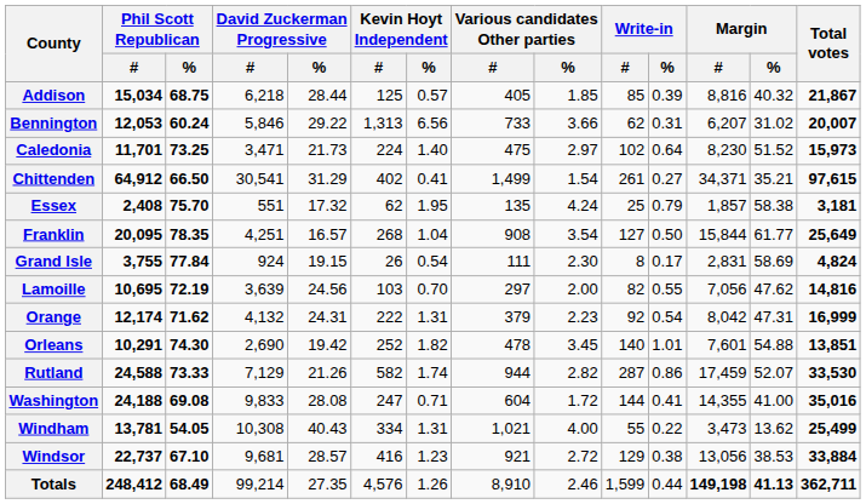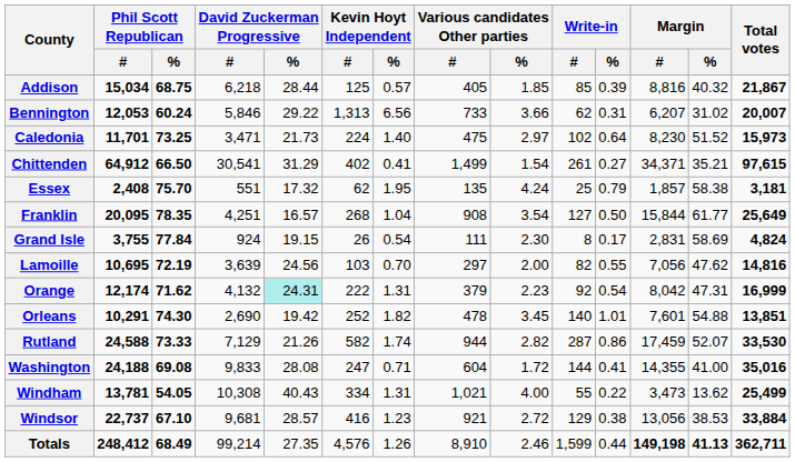 <table class="wikitable sortable" style="text-align:right;font-size:90%;line-height:1.3">
 <tr>
 <th rowspan="2">County</th>
 <th colspan="2"><a href='#'>Phil Scott</a><br><a href='#'>Republican</a></th>
 <th colspan="2"><a href='#'>David Zuckerman</a><br><a href='#'>Progressive</a></th>
 <th colspan="2">Kevin Hoyt<br><a href='#'>Independent</a></th>
 <th colspan="2">Various candidates<br>Other parties</th>
 <th colspan="2"><a href='#'>Write-in</a></th>
 <th colspan="2">Margin</th>
 <th rowspan="2">Total<br>votes</th>
 </tr>
 <tr>
 <th data-sort-type="number">#</th>
 <th data-sort-type="number">%</th>
 <th data-sort-type="number">#</th>
 <th data-sort-type="number">%</th>
 <th data-sort-type="number">#</th>
 <th data-sort-type="number">%</th>
 <th data-sort-type="number">#</th>
 <th data-sort-type="number">%</th>
 <th data-sort-type="number">#</th>
 <th data-sort-type="number">%</th>
 <th data-sort-type="number">#</th>
 <th data-sort-type="number">%</th>
 </tr>
 <tr>
 <th><a href='#'>Addison</a></th>
 <td><strong>15,034</strong></td>
 <td><strong>68.75</strong></td>
 <td>6,218</td>
 <td>28.44</td>
 <td>125</td>
 <td>0.57</td>
 <td>405</td>
 <td>1.85</td>
 <td>85</td>
 <td>0.39</td>
 <td>8,816</td>
 <td>40.32</td>
 <td><strong>21,867</strong></td>
 </tr>
 <tr>
 <th><a href='#'>Bennington</a></th>
 <td><strong>12,053</strong></td>
 <td><strong>60.24</strong></td>
 <td>5,846</td>
 <td>29.22</td>
 <td>1,313</td>
 <td>6.56</td>
 <td>733</td>
 <td>3.66</td>
 <td>62</td>
 <td>0.31</td>
 <td>6,207</td>
 <td>31.02</td>
 <td><strong>20,007</strong></td>
 </tr>
 <tr>
 <th><a href='#'>Caledonia</a></th>
 <td><strong>11,701</strong></td>
 <td><strong>73.25</strong></td>
 <td>3,471</td>
 <td>21.73</td>
 <td>224</td>
 <td>1.40</td>
 <td>475</td>
 <td>2.97</td>
 <td>102</td>
 <td>0.64</td>
 <td>8,230</td>
 <td>51.52</td>
 <td><strong>15,973</strong></td>
 </tr>
 <tr>
 <th><a href='#'>Chittenden</a></th>
 <td><strong>64,912</strong></td>
 <td><strong>66.50</strong></td>
 <td>30,541</td>
 <td>31.29</td>
 <td>402</td>
 <td>0.41</td>
 <td>1,499</td>
 <td>1.54</td>
 <td>261</td>
 <td>0.27</td>
 <td>34,371</td>
 <td>35.21</td>
 <td><strong>97,615</strong></td>
 </tr>
 <tr>
 <th><a href='#'>Essex</a></th>
 <td><strong>2,408</strong></td>
 <td><strong>75.70</strong></td>
 <td>551</td>
 <td>17.32</td>
 <td>62</td>
 <td>1.95</td>
 <td>135</td>
 <td>4.24</td>
 <td>25</td>
 <td>0.79</td>
 <td>1,857</td>
 <td>58.38</td>
 <td><strong>3,181</strong></td>
 </tr>
 <tr>
 <th><a href='#'>Franklin</a></th>
 <td><strong>20,095</strong></td>
 <td><strong>78.35</strong></td>
 <td>4,251</td>
 <td>16.57</td>
 <td>268</td>
 <td>1.04</td>
 <td>908</td>
 <td>3.54</td>
 <td>127</td>
 <td>0.50</td>
 <td>15,844</td>
 <td>61.77</td>
 <td><strong>25,649</strong></td>
 </tr>
 <tr>
 <th><a href='#'>Grand Isle</a></th>
 <td><strong>3,755</strong></td>
 <td><strong>77.84</strong></td>
 <td>924</td>
 <td>19.15</td>
 <td>26</td>
 <td>0.54</td>
 <td>111</td>
 <td>2.30</td>
 <td>8</td>
 <td>0.17</td>
 <td>2,831</td>
 <td>58.69</td>
 <td><strong>4,824</strong></td>
 </tr>
 <tr>
 <th><a href='#'>Lamoille</a></th>
 <td><strong>10,695</strong></td>
 <td><strong>72.19</strong></td>
 <td>3,639</td>
 <td>24.56</td>
 <td>103</td>
 <td>0.70</td>
 <td>297</td>
 <td>2.00</td>
 <td>82</td>
 <td>0.55</td>
 <td>7,056</td>
 <td>47.62</td>
 <td><strong>14,816</strong></td>
 </tr>
 <tr>
 <th><a href='#'>Orange</a></th>
 <td><strong>12,174</strong></td>
 <td><strong>71.62</strong></td>
 <td>4,132</td>
-<td>24.31</td>
+<td style="background: paleturquoise;">24.31</td>
 <td>222</td>
 <td>1.31</td>
 <td>379</td>
 <td>2.23</td>
 <td>92</td>
 <td>0.54</td>
 <td>8,042</td>
 <td>47.31</td>
 <td><strong>16,999</strong></td>
 </tr>
 <tr>
 <th><a href='#'>Orleans</a></th>
 <td><strong>10,291</strong></td>
 <td><strong>74.30</strong></td>
 <td>2,690</td>
 <td>19.42</td>
 <td>252</td>
 <td>1.82</td>
 <td>478</td>
 <td>3.45</td>
 <td>140</td>
 <td>1.01</td>
 <td>7,601</td>
 <td>54.88</td>
 <td><strong>13,851</strong></td>
 </tr>
 <tr>
 <th><a href='#'>Rutland</a></th>
 <td><strong>24,588</strong></td>
 <td><strong>73.33</strong></td>
 <td>7,129</td>
 <td>21.26</td>
 <td>582</td>
 <td>1.74</td>
 <td>944</td>
 <td>2.82</td>
 <td>287</td>
 <td>0.86</td>
 <td>17,459</td>
 <td>52.07</td>
 <td><strong>33,530</strong></td>
 </tr>
 <tr>
 <th><a href='#'>Washington</a></th>
 <td><strong>24,188</strong></td>
 <td><strong>69.08</strong></td>
 <td>9,833</td>
 <td>28.08</td>
 <td>247</td>
 <td>0.71</td>
 <td>604</td>
 <td>1.72</td>
 <td>144</td>
 <td>0.41</td>
 <td>14,355</td>
 <td>41.00</td>
 <td><strong>35,016</strong></td>
 </tr>
 <tr>
 <th><a href='#'>Windham</a></th>
 <td><strong>13,781</strong></td>
 <td><strong>54.05</strong></td>
 <td>10,308</td>
 <td>40.43</td>
 <td>334</td>
 <td>1.31</td>
 <td>1,021</td>
 <td>4.00</td>
 <td>55</td>
 <td>0.22</td>
 <td>3,473</td>
 <td>13.62</td>
 <td><strong>25,499</strong></td>
 </tr>
 <tr>
 <th><a href='#'>Windsor</a></th>
 <td><strong>22,737</strong></td>
 <td><strong>67.10</strong></td>
 <td>9,681</td>
 <td>28.57</td>
 <td>416</td>
 <td>1.23</td>
 <td>921</td>
 <td>2.72</td>
 <td>129</td>
 <td>0.38</td>
 <td>13,056</td>
 <td>38.53</td>
 <td><strong>33,884</strong></td>
 </tr>
 <tr class="sortbottom">
 <th>Totals</th>
 <td><strong>248,412</strong></td>
 <td><strong>68.49</strong></td>
 <td>99,214</td>
 <td>27.35</td>
 <td>4,576</td>
 <td>1.26</td>
 <td>8,910</td>
 <td>2.46</td>
 <td>1,599</td>
 <td>0.44</td>
 <td><strong>149,198</strong></td>
 <td><strong>41.13</strong></td>
 <td><strong>362,711</strong></td>
 </tr>
 </table>
